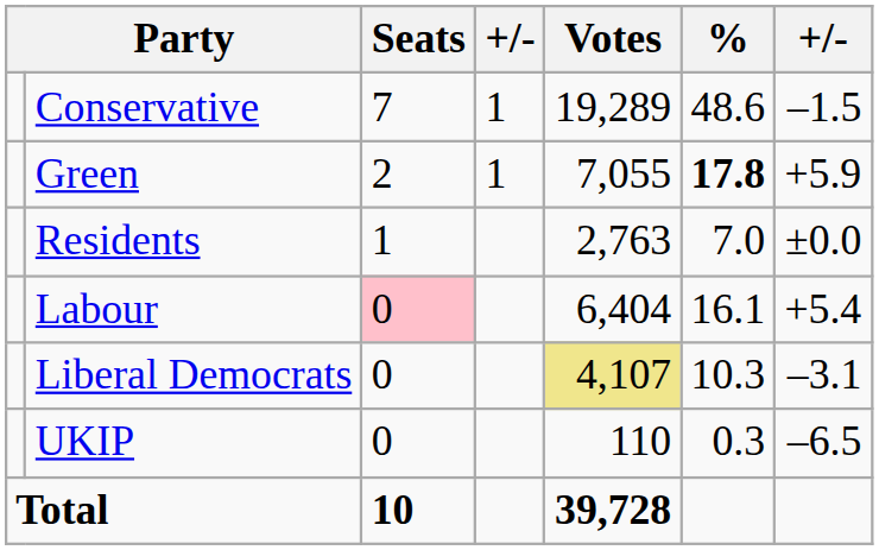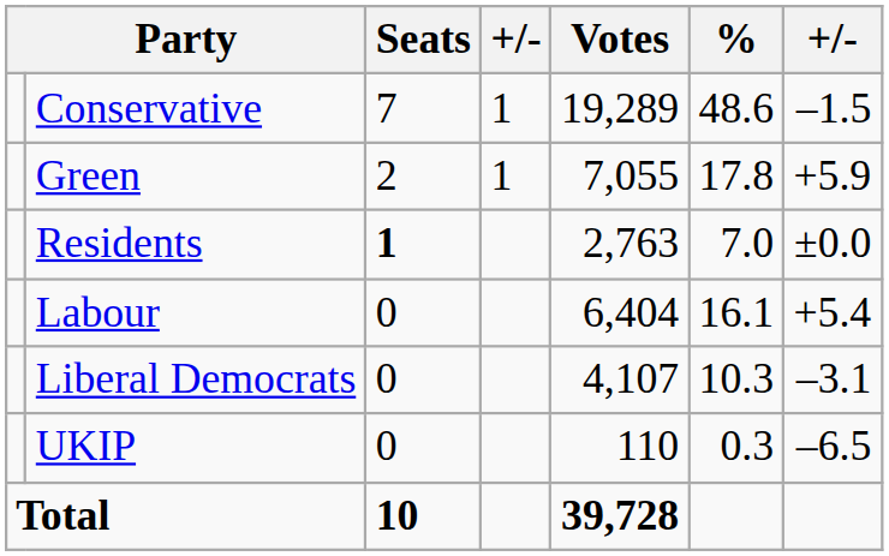 <table class="wikitable sortable">
 <tr>
 <th colspan="2">Party</th>
 <th>Seats</th>
 <th>+/-</th>
 <th>Votes</th>
 <th>%</th>
 <th>+/-</th>
 </tr>
 <tr>
 <td style="background-color: "></td>
 <td><a href='#'>Conservative</a></td>
 <td>7</td>
 <td> 1</td>
 <td style="text-align:right;">19,289</td>
 <td style="text-align:right;">48.6</td>
 <td style="text-align:right;">–1.5</td>
 </tr>
 <tr>
 <td style="background-color: "></td>
 <td><a href='#'>Green</a></td>
 <td>2</td>
 <td> 1</td>
 <td style="text-align:right;">7,055</td>
-<td style="text-align:right;"><strong>17.8</strong></td>
+<td style="text-align:right;">17.8</td>
 <td style="text-align:right;">+5.9</td>
 </tr>
 <tr>
 <td style="background-color: "></td>
 <td><a href='#'>Residents</a></td>
-<td>1</td>
+<td><strong>1</strong></td>
 <td></td>
 <td style="text-align:right;">2,763</td>
 <td style="text-align:right;">7.0</td>
 <td style="text-align:right;">±0.0</td>
 </tr>
 <tr>
 <td style="background-color: "></td>
 <td><a href='#'>Labour</a></td>
-<td style="background: pink;">0</td>
+<td>0</td>
 <td></td>
 <td style="text-align:right;">6,404</td>
 <td style="text-align:right;">16.1</td>
 <td style="text-align:right;">+5.4</td>
 </tr>
 <tr>
 <td style="background-color: "></td>
 <td><a href='#'>Liberal Democrats</a></td>
 <td>0</td>
 <td></td>
-<td style="background: khaki; text-align:right;">4,107</td>
+<td style="text-align:right;">4,107</td>
 <td style="text-align:right;">10.3</td>
 <td style="text-align:right;">–3.1</td>
 </tr>
 <tr>
 <td style="background-color: "></td>
 <td><a href='#'>UKIP</a></td>
 <td>0</td>
 <td></td>
 <td style="text-align:right;">110</td>
 <td style="text-align:right;">0.3</td>
 <td style="text-align:right;">–6.5</td>
 </tr>
 <tr>
 <td colspan="2"><strong>Total</strong></td>
 <td><strong>10</strong></td>
 <td></td>
 <td style="text-align:right;"><strong>39,728</strong></td>
 <td style="text-align:right;"></td>
 <td style="text-align:right;"></td>
 </tr>
 </table>
